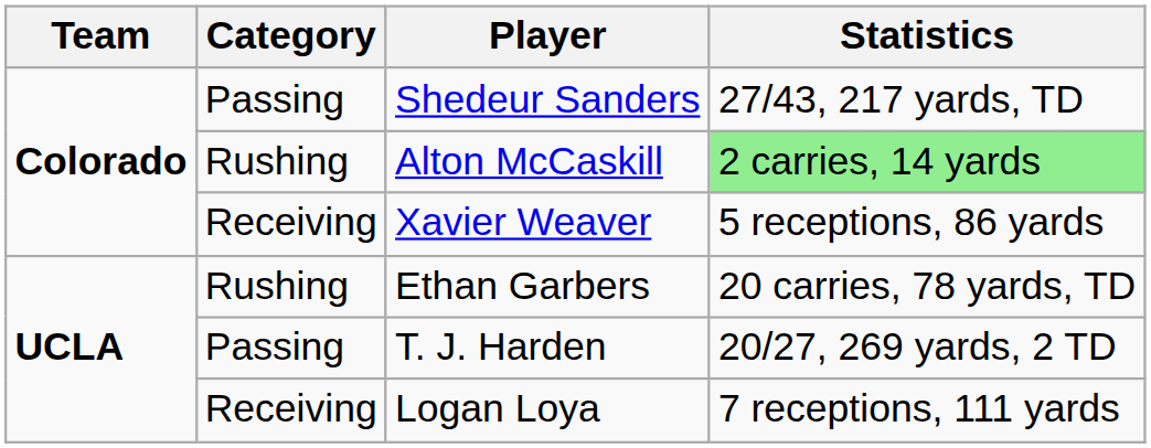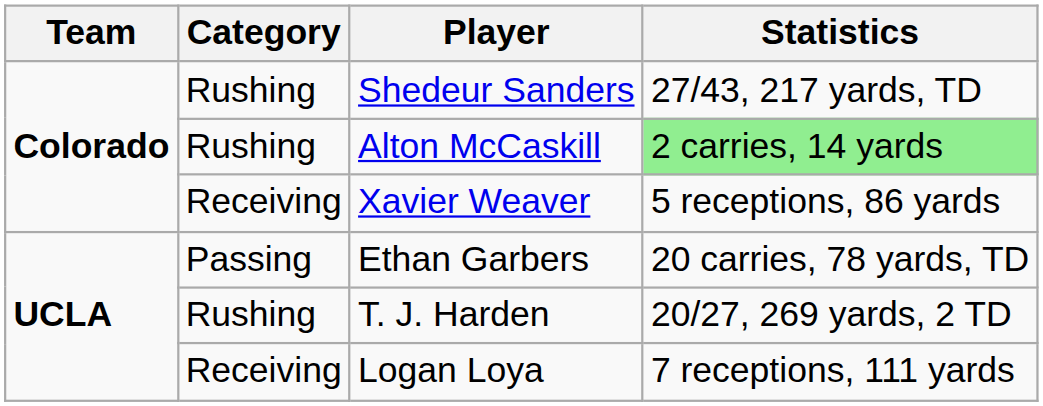 <table class="wikitable" style="float: right;">
 <tr>
 <th>Team</th>
 <th>Category</th>
 <th>Player</th>
 <th>Statistics</th>
 </tr>
 <tr>
 <td rowspan=3><strong>Colorado</strong></td>
-<td>Passing</td>
+<td>Rushing</td>
 <td><a href='#'>Shedeur Sanders</a></td>
 <td>27/43, 217 yards, TD</td>
 </tr>
 <tr>
 <td>Rushing</td>
 <td><a href='#'>Alton McCaskill</a></td>
 <td style="background: lightgreen;">2 carries, 14 yards</td>
 </tr>
 <tr>
 <td>Receiving</td>
 <td><a href='#'>Xavier Weaver</a></td>
 <td>5 receptions, 86 yards</td>
 </tr>
 <tr>
 <td rowspan=3><strong>UCLA</strong></td>
-<td>Rushing</td>
+<td>Passing</td>
 <td>Ethan Garbers</td>
 <td>20 carries, 78 yards, TD</td>
 </tr>
 <tr>
-<td>Passing</td>
+<td>Rushing</td>
 <td>T. J. Harden</td>
 <td>20/27, 269 yards, 2 TD</td>
 </tr>
 <tr>
 <td>Receiving</td>
 <td>Logan Loya</td>
 <td>7 receptions, 111 yards</td>
 </tr>
 </table>
